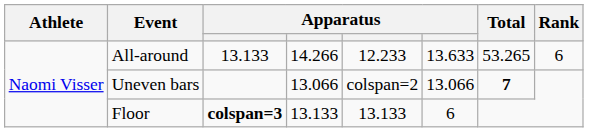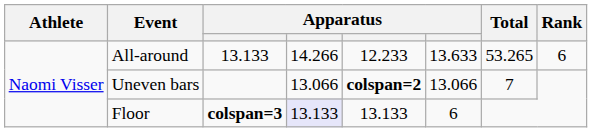 <table class="wikitable" style="font-size:90%">
 <tr>
 <th rowspan=2>Athlete</th>
 <th rowspan=2>Event</th>
 <th colspan=4>Apparatus</th>
 <th rowspan=2>Total</th>
 <th rowspan=2>Rank</th>
 </tr>
 <tr style="font-size:95%">
 <th></th>
 <th></th>
 <th></th>
 <th></th>
 </tr>
 <tr align=center>
 <td align=left rowspan=3><a href='#'>Naomi Visser</a></td>
 <td align=left>All-around</td>
 <td>13.133</td>
 <td>14.266</td>
 <td>12.233</td>
 <td>13.633</td>
 <td>53.265</td>
 <td>6</td>
 </tr>
 <tr align=center>
 <td align=left>Uneven bars</td>
 <td></td>
 <td>13.066</td>
-<td>colspan=2 </td>
+<td><strong>colspan=2 </strong></td>
 <td>13.066</td>
-<td><strong>7</strong></td>
+<td>7</td>
 </tr>
 <tr align=center>
 <td align=left>Floor</td>
 <td><strong>colspan=3 </strong></td>
-<td>13.133</td>
+<td style="background: lavender;">13.133</td>
 <td>13.133</td>
 <td>6</td>
 </tr>
 </table>
